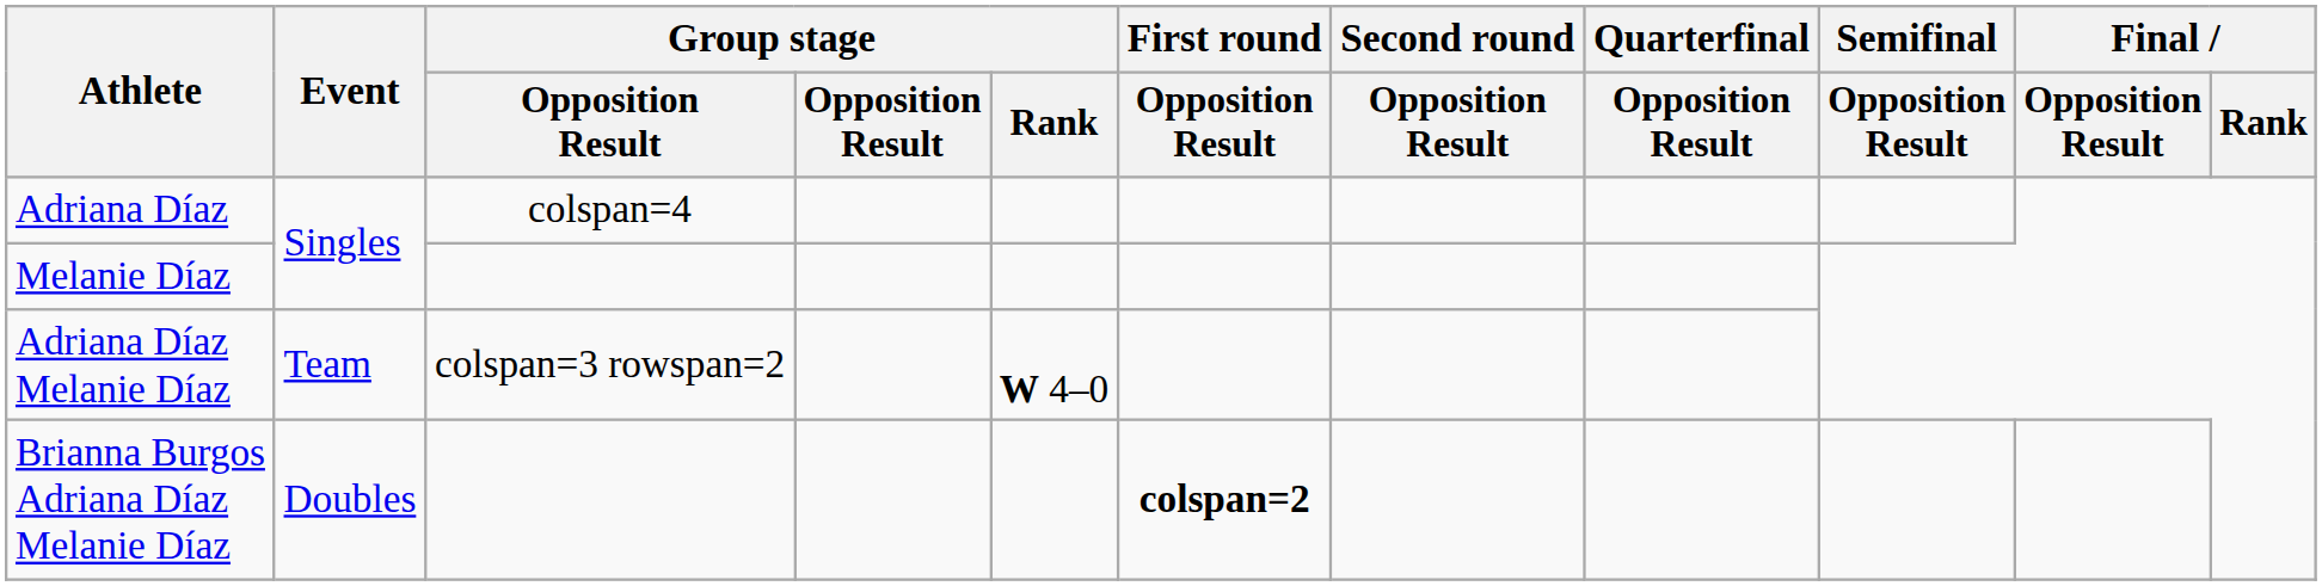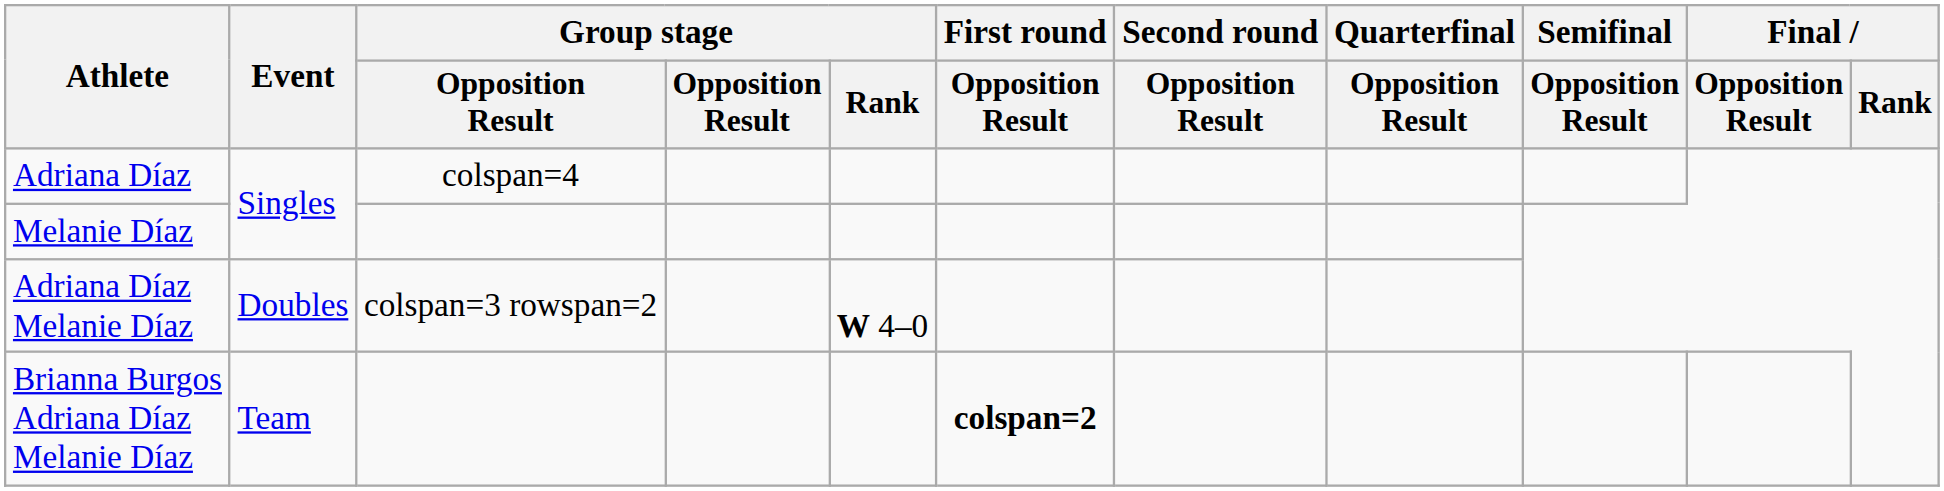 <table class=wikitable style=font-size:90%;text-align:center>
 <tr>
 <th rowspan=2>Athlete</th>
 <th rowspan=2>Event</th>
 <th colspan=3>Group stage</th>
 <th>First round</th>
 <th>Second round</th>
 <th>Quarterfinal</th>
 <th>Semifinal</th>
 <th colspan=2>Final / </th>
 </tr>
 <tr style=font-size:95%>
 <th>Opposition<br>Result</th>
 <th>Opposition<br>Result</th>
 <th>Rank</th>
 <th>Opposition<br>Result</th>
 <th>Opposition<br>Result</th>
 <th>Opposition<br>Result</th>
 <th>Opposition<br>Result</th>
 <th>Opposition<br>Result</th>
 <th>Rank</th>
 </tr>
 <tr>
 <td align=left><a href='#'>Adriana Díaz</a></td>
 <td align=left rowspan=2><a href='#'>Singles</a></td>
 <td>colspan=4 </td>
 <td><br></td>
 <td></td>
 <td></td>
 <td></td>
 <td></td>
 <td></td>
 </tr>
 <tr>
 <td align=left><a href='#'>Melanie Díaz</a></td>
 <td><br></td>
 <td></td>
 <td></td>
 <td></td>
 <td></td>
 <td></td>
 </tr>
 <tr>
 <td align=left><a href='#'>Adriana Díaz</a><br><a href='#'>Melanie Díaz</a></td>
-<td align=left><a href='#'>Team</a></td>
+<td align=left><a href='#'>Doubles</a></td>
 <td>colspan=3 rowspan=2 </td>
 <td></td>
 <td><br><strong>W</strong> 4–0</td>
 <td><br></td>
 <td></td>
 <td></td>
 </tr>
 <tr>
 <td align=left><a href='#'>Brianna Burgos</a><br><a href='#'>Adriana Díaz</a><br><a href='#'>Melanie Díaz</a></td>
-<td align=left><a href='#'>Doubles</a></td>
+<td align=left><a href='#'>Team</a></td>
 <td></td>
 <td></td>
 <td></td>
 <td><strong>colspan=2 </strong></td>
 <td></td>
 <td></td>
 <td></td>
 <td></td>
 </tr>
 </table>
